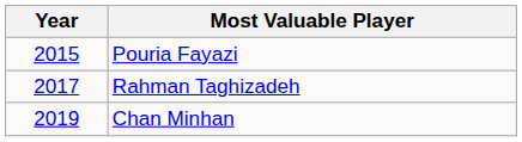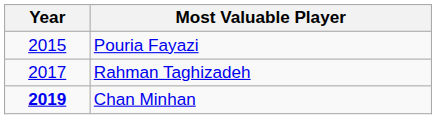 <table class=wikitable style="width: 400px;">
 <tr>
 <th style="width: 20%;">Year</th>
 <th style="width: 80%;">Most Valuable Player</th>
 </tr>
 <tr>
 <td align=center><a href='#'>2015</a></td>
 <td> <a href='#'>Pouria Fayazi</a></td>
 </tr>
 <tr>
 <td align=center><a href='#'>2017</a></td>
 <td> <a href='#'>Rahman Taghizadeh</a></td>
 </tr>
 <tr>
-<td align=center><a href='#'>2019</a></td>
+<td align=center><strong><a href='#'>2019</a></strong></td>
 <td> <a href='#'>Chan Minhan</a></td>
 </tr>
 </table>
